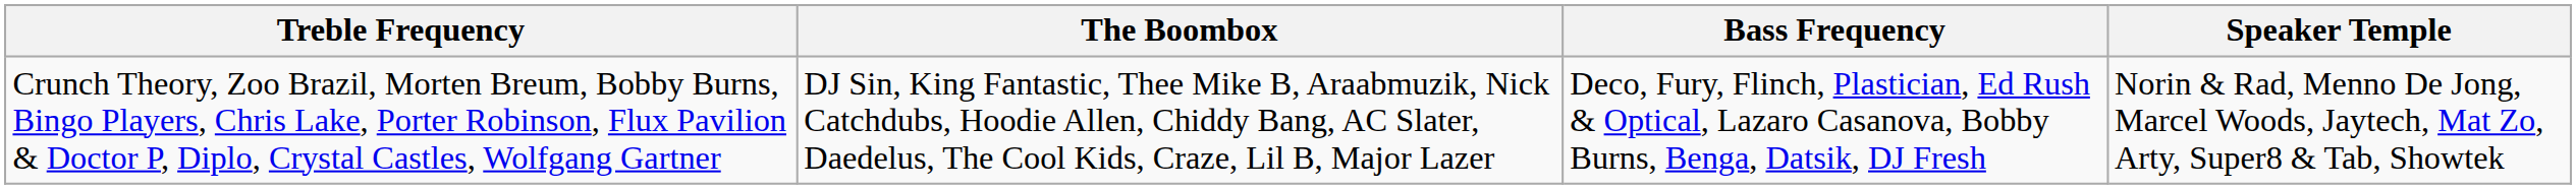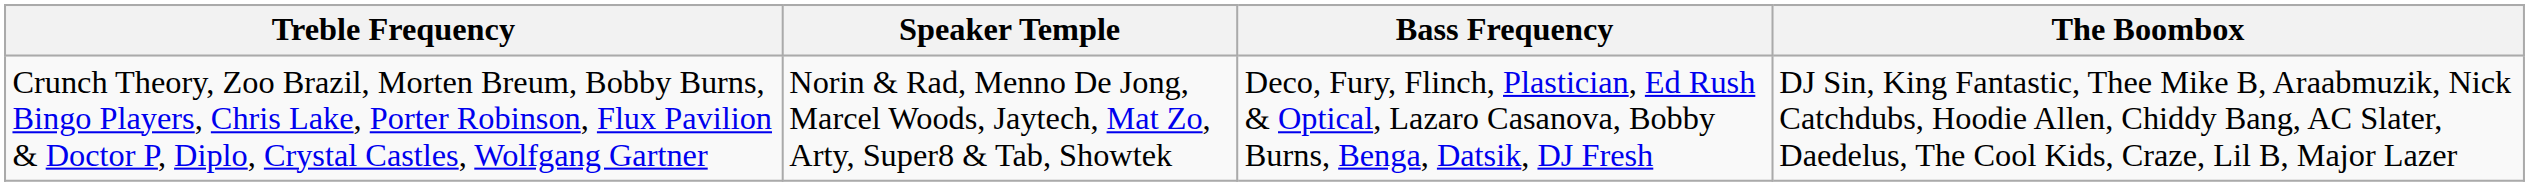 <table class="wikitable">
 <tr>
 <th>Treble Frequency</th>
+<th>Speaker Temple</th>
+<th>Bass Frequency</th>
 <th>The Boombox</th>
-<th>Bass Frequency</th>
-<th>Speaker Temple</th>
 </tr>
 <tr>
 <td>Crunch Theory, Zoo Brazil, Morten Breum, Bobby Burns, <a href='#'>Bingo Players</a>, <a href='#'>Chris Lake</a>, <a href='#'>Porter Robinson</a>, <a href='#'>Flux Pavilion</a> & <a href='#'>Doctor P</a>, <a href='#'>Diplo</a>, <a href='#'>Crystal Castles</a>, <a href='#'>Wolfgang Gartner</a></td>
+<td>Norin & Rad, Menno De Jong, Marcel Woods, Jaytech, <a href='#'>Mat Zo</a>, Arty, Super8 & Tab, Showtek</td>
+<td>Deco, Fury, Flinch, <a href='#'>Plastician</a>, <a href='#'>Ed Rush</a> & <a href='#'>Optical</a>, Lazaro Casanova, Bobby Burns, <a href='#'>Benga</a>, <a href='#'>Datsik</a>, <a href='#'>DJ Fresh</a></td>
 <td>DJ Sin, King Fantastic, Thee Mike B, Araabmuzik, Nick Catchdubs, Hoodie Allen, Chiddy Bang, AC Slater, Daedelus, The Cool Kids, Craze, Lil B, Major Lazer</td>
-<td>Deco, Fury, Flinch, <a href='#'>Plastician</a>, <a href='#'>Ed Rush</a> & <a href='#'>Optical</a>, Lazaro Casanova, Bobby Burns, <a href='#'>Benga</a>, <a href='#'>Datsik</a>, <a href='#'>DJ Fresh</a></td>
-<td>Norin & Rad, Menno De Jong, Marcel Woods, Jaytech, <a href='#'>Mat Zo</a>, Arty, Super8 & Tab, Showtek</td>
 </tr>
 </table>
